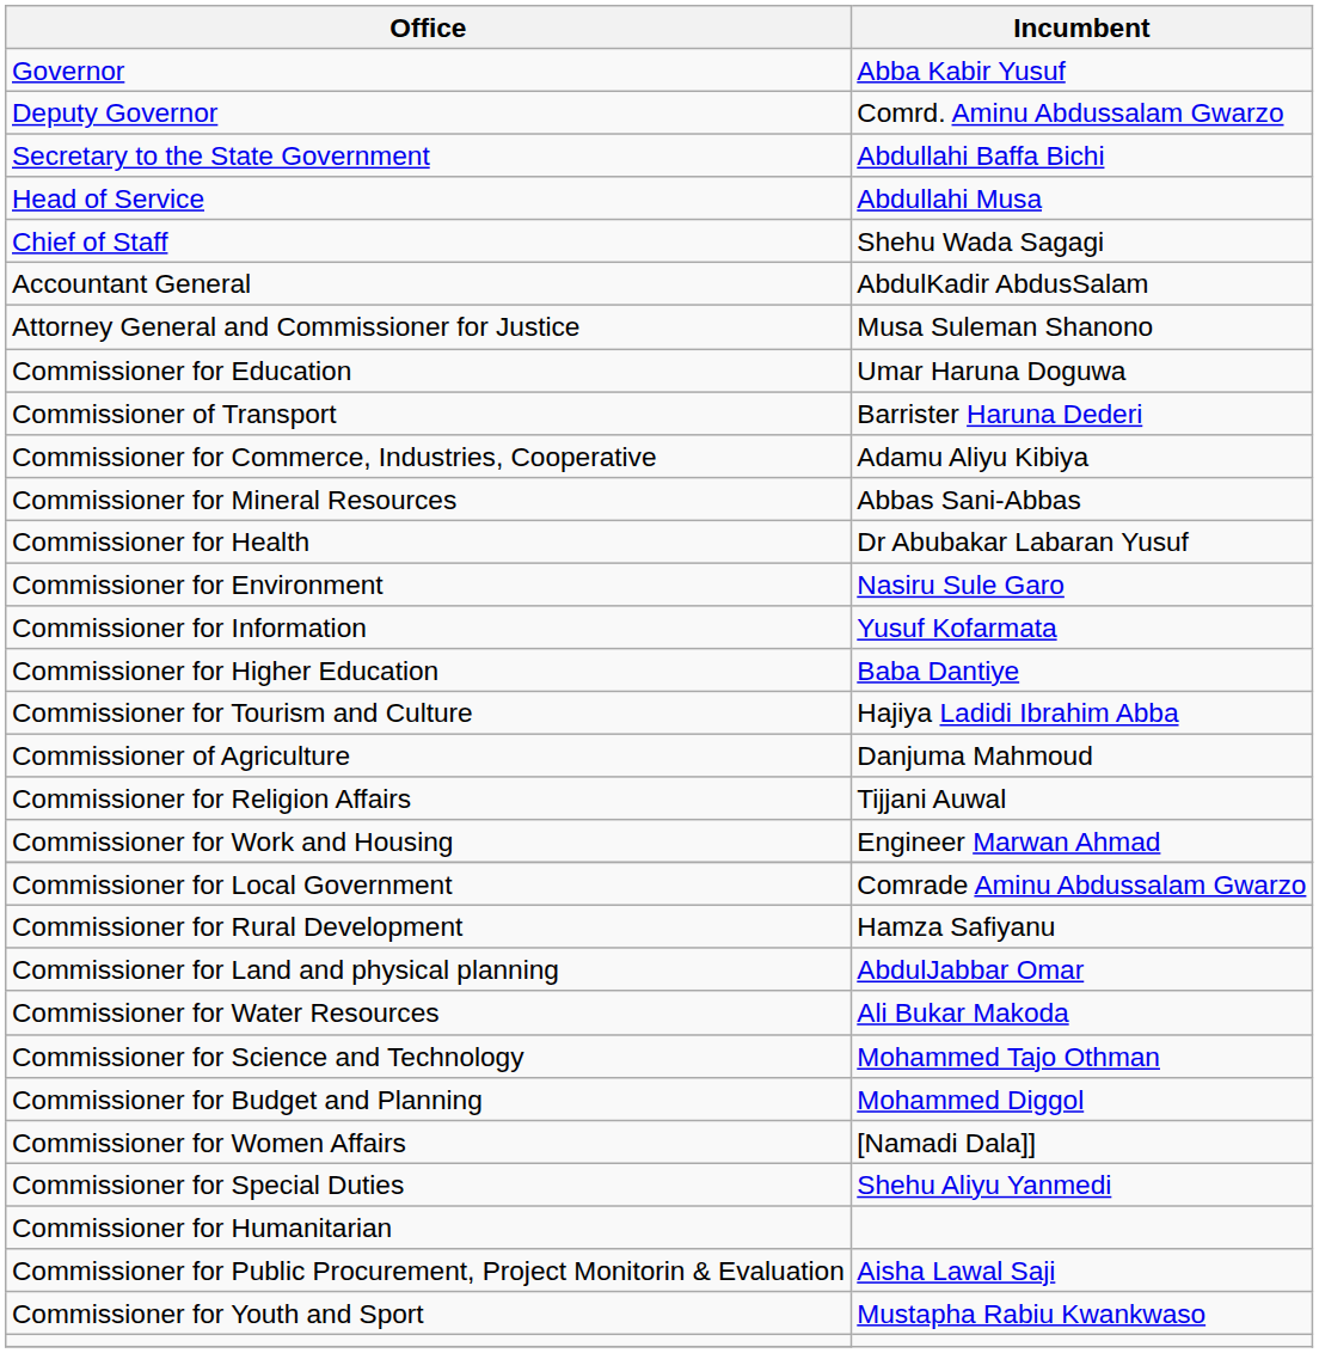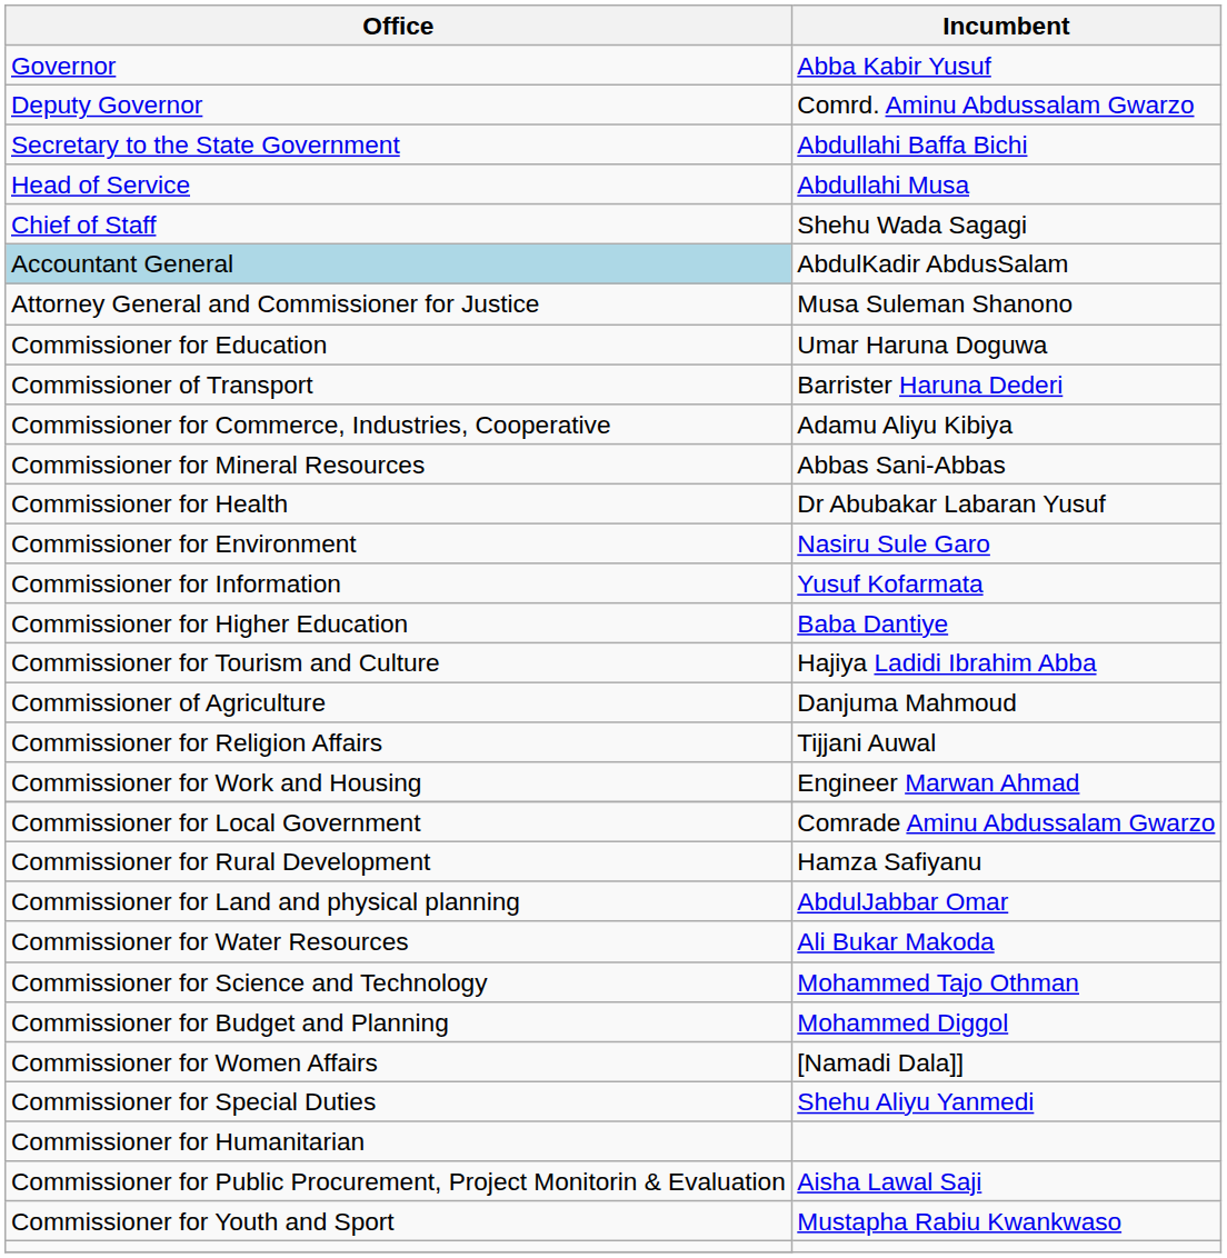 <table class="wikitable" style="font-size: 95%;">
 <tr>
 <th>Office</th>
 <th>Incumbent</th>
 </tr>
 <tr>
 <td><a href='#'>Governor</a></td>
 <td><a href='#'>Abba Kabir Yusuf</a></td>
 </tr>
 <tr>
 <td><a href='#'>Deputy Governor</a></td>
 <td>Comrd. <a href='#'>Aminu Abdussalam Gwarzo</a></td>
 </tr>
 <tr>
 <td><a href='#'>Secretary to the State Government</a></td>
 <td><a href='#'>Abdullahi Baffa Bichi</a></td>
 </tr>
 <tr>
 <td><a href='#'>Head of Service</a></td>
 <td><a href='#'>Abdullahi Musa</a></td>
 </tr>
 <tr>
 <td><a href='#'>Chief of Staff</a></td>
 <td>Shehu Wada Sagagi</td>
 </tr>
 <tr>
-<td>Accountant General</td>
+<td style="background: lightblue;">Accountant General</td>
 <td>AbdulKadir AbdusSalam</td>
 </tr>
 <tr>
 <td>Attorney General and Commissioner for Justice</td>
 <td>Musa Suleman Shanono</td>
 </tr>
 <tr>
 <td>Commissioner for Education</td>
 <td>Umar Haruna Doguwa</td>
 </tr>
 <tr>
 <td>Commissioner of Transport</td>
 <td>Barrister <a href='#'>Haruna Dederi</a></td>
 </tr>
 <tr>
 <td>Commissioner for Commerce, Industries, Cooperative</td>
 <td>Adamu Aliyu Kibiya</td>
 </tr>
 <tr>
 <td>Commissioner for Mineral Resources</td>
 <td>Abbas Sani-Abbas</td>
 </tr>
 <tr>
 <td>Commissioner for Health</td>
 <td>Dr Abubakar Labaran Yusuf</td>
 </tr>
 <tr>
 <td>Commissioner for Environment</td>
 <td><a href='#'>Nasiru Sule Garo</a></td>
 </tr>
 <tr>
 <td>Commissioner for Information</td>
 <td><a href='#'>Yusuf Kofarmata</a></td>
 </tr>
 <tr>
 <td>Commissioner for Higher Education</td>
 <td><a href='#'>Baba Dantiye</a></td>
 </tr>
 <tr>
 <td>Commissioner for Tourism and Culture</td>
 <td>Hajiya <a href='#'>Ladidi Ibrahim Abba</a></td>
 </tr>
 <tr>
 <td>Commissioner of Agriculture</td>
 <td>Danjuma Mahmoud</td>
 </tr>
 <tr>
 <td>Commissioner for Religion Affairs</td>
 <td>Tijjani Auwal</td>
 </tr>
 <tr>
 <td>Commissioner for Work and Housing</td>
 <td>Engineer <a href='#'>Marwan Ahmad</a></td>
 </tr>
 <tr>
 </tr>
 <tr>
 <td>Commissioner for Local Government</td>
 <td>Comrade <a href='#'>Aminu Abdussalam Gwarzo</a></td>
 </tr>
 <tr>
 <td>Commissioner for Rural Development</td>
 <td>Hamza Safiyanu</td>
 </tr>
 <tr>
 <td>Commissioner for Land and physical planning</td>
 <td><a href='#'>AbdulJabbar Omar</a></td>
 </tr>
 <tr>
 <td>Commissioner for Water Resources</td>
 <td><a href='#'>Ali Bukar Makoda</a></td>
 </tr>
 <tr>
 <td>Commissioner for Science and Technology</td>
 <td><a href='#'>Mohammed Tajo Othman</a></td>
 </tr>
 <tr>
 <td>Commissioner for Budget and Planning</td>
 <td><a href='#'>Mohammed Diggol</a></td>
 </tr>
 <tr>
 <td>Commissioner for Women Affairs</td>
 <td>[Namadi Dala]]</td>
 </tr>
 <tr>
 <td>Commissioner for Special Duties</td>
 <td><a href='#'>Shehu Aliyu Yanmedi</a></td>
 </tr>
 <tr>
 <td>Commissioner for Humanitarian</td>
 <td><a href='#'></a></td>
 </tr>
 <tr>
 <td>Commissioner for Public Procurement, Project Monitorin & Evaluation</td>
 <td><a href='#'>Aisha Lawal Saji</a></td>
 </tr>
 <tr>
 <td>Commissioner for Youth and Sport</td>
 <td><a href='#'>Mustapha Rabiu Kwankwaso</a></td>
 </tr>
 <tr>
 <td></td>
 </tr>
 <tr>
 </tr>
 </table>
